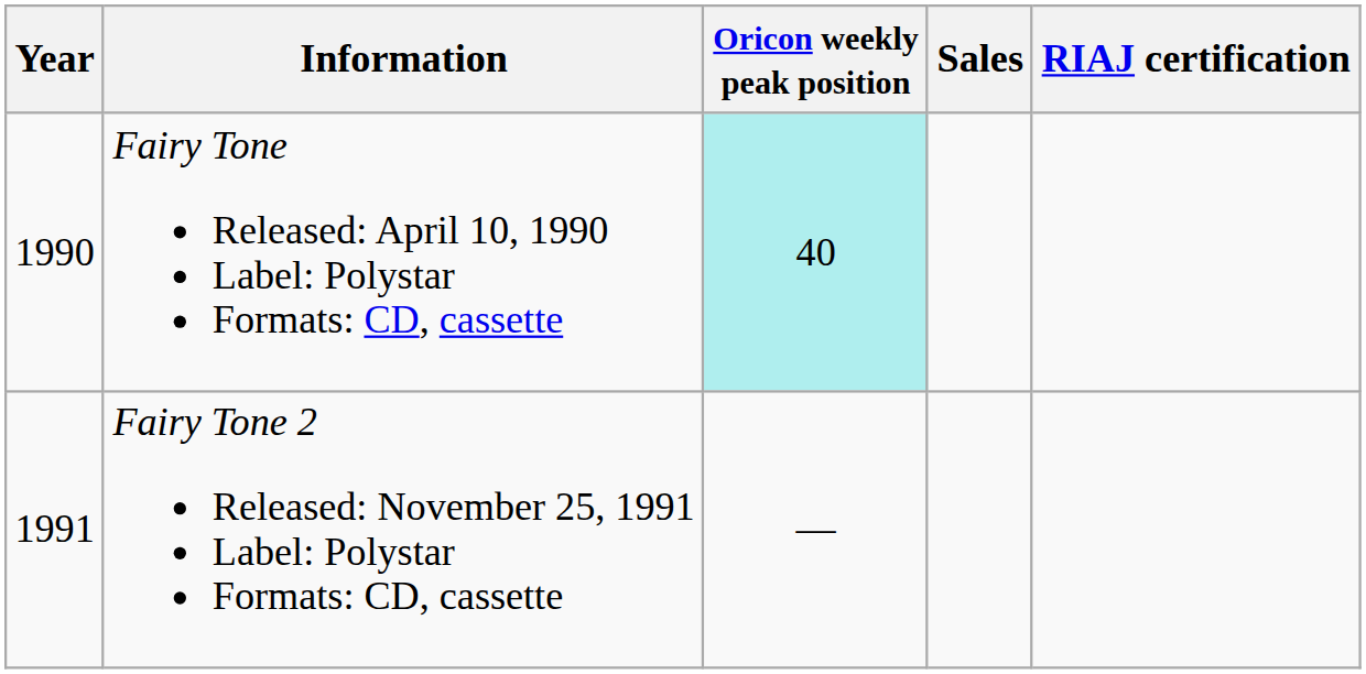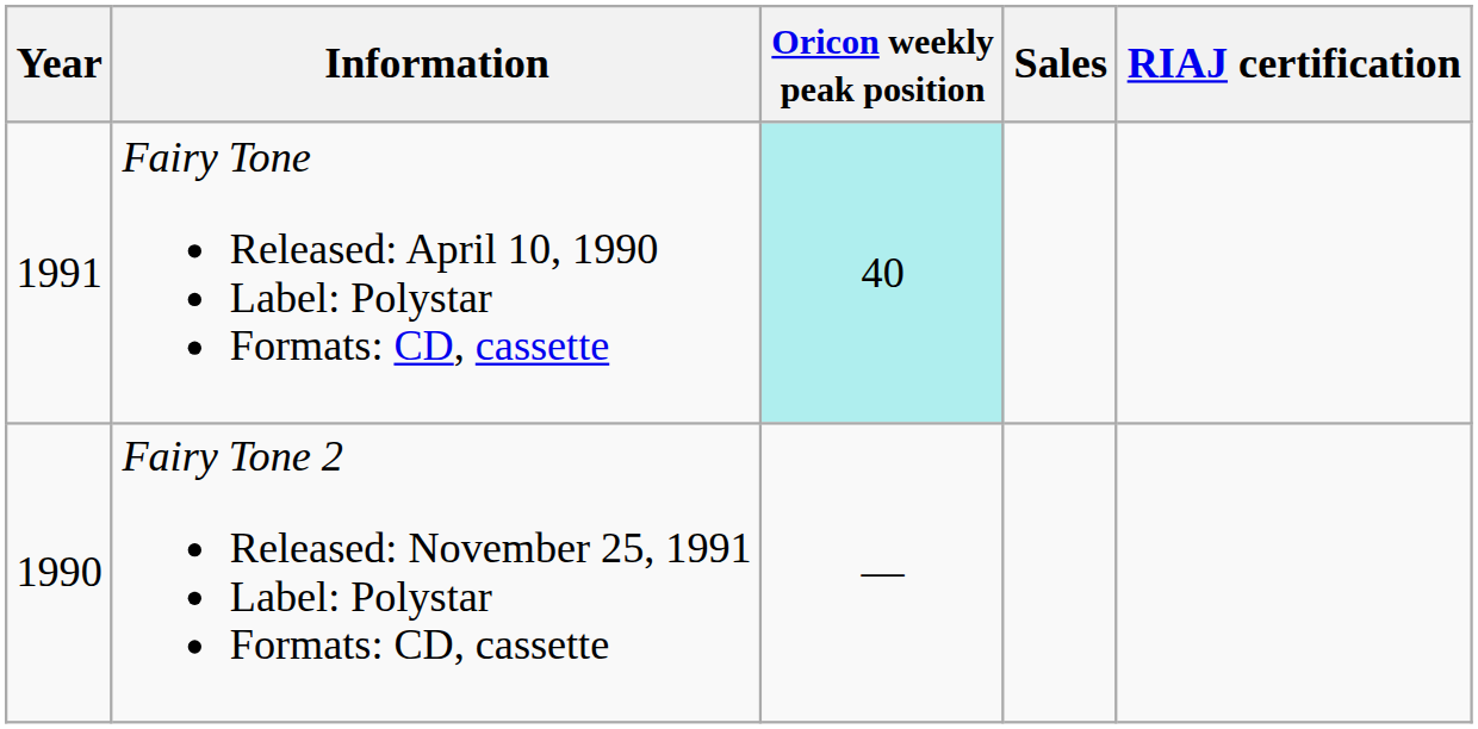 <table class="wikitable">
 <tr>
 <th>Year</th>
 <th>Information</th>
 <th><small><a href='#'>Oricon</a> weekly<br>peak position</small></th>
 <th>Sales<br></th>
 <th><a href='#'>RIAJ</a> certification</th>
 </tr>
 <tr>
-<td>1990</td>
+<td>1991</td>
 <td><em>Fairy Tone</em><br><ul><li>Released: April 10, 1990</li><li>Label: Polystar</li><li>Formats: <a href='#'>CD</a>, <a href='#'>cassette</a></li></ul></td>
 <td style="background: paleturquoise; text-align:center;">40</td>
 <td align="left"></td>
 <td align="left"></td>
 </tr>
 <tr>
-<td>1991</td>
+<td>1990</td>
 <td><em>Fairy Tone 2</em><br><ul><li>Released: November 25, 1991</li><li>Label: Polystar</li><li>Formats: CD, cassette</li></ul></td>
 <td style="text-align:center;">—</td>
 <td align="left"></td>
 <td align="left"></td>
 </tr>
 </table>
